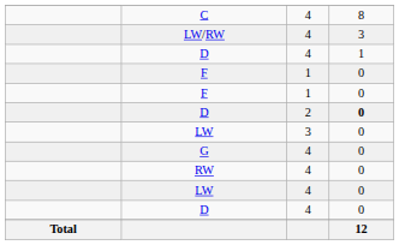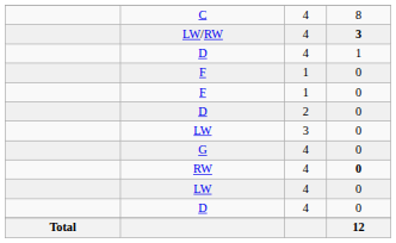 <table class="wikitable sortable" width ="40%">
 <tr align="center">
 </tr>
 <tr align="center" bgcolor="">
 <td></td>
 <td><a href='#'>C</a></td>
 <td>4</td>
 <td>8</td>
 </tr>
 <tr align="center" bgcolor="f0f0f0">
 <td></td>
 <td><a href='#'>LW</a>/<a href='#'>RW</a></td>
 <td>4</td>
-<td>3</td>
+<td><strong>3</strong></td>
 </tr>
 <tr align="center" bgcolor="">
 <td></td>
 <td><a href='#'>D</a></td>
 <td>4</td>
 <td>1</td>
 </tr>
 <tr align="center" bgcolor="f0f0f0">
 <td></td>
 <td><a href='#'>F</a></td>
 <td>1</td>
 <td>0</td>
 </tr>
 <tr align="center" bgcolor="">
 <td></td>
 <td><a href='#'>F</a></td>
 <td>1</td>
 <td>0</td>
 </tr>
 <tr align="center" bgcolor="f0f0f0">
 <td></td>
 <td><a href='#'>D</a></td>
 <td>2</td>
-<td><strong>0</strong></td>
+<td>0</td>
 </tr>
 <tr align="center" bgcolor="">
 <td></td>
 <td><a href='#'>LW</a></td>
 <td>3</td>
 <td>0</td>
 </tr>
 <tr align="center" bgcolor="f0f0f0">
 <td></td>
 <td><a href='#'>G</a></td>
 <td>4</td>
 <td>0</td>
 </tr>
 <tr align="center" bgcolor="">
 <td></td>
 <td><a href='#'>RW</a></td>
 <td>4</td>
-<td>0</td>
+<td><strong>0</strong></td>
 </tr>
 <tr align="center" bgcolor="f0f0f0">
 <td></td>
 <td><a href='#'>LW</a></td>
 <td>4</td>
 <td>0</td>
 </tr>
 <tr align="center" bgcolor="">
 <td></td>
 <td><a href='#'>D</a></td>
 <td>4</td>
 <td>0</td>
 </tr>
 <tr align="center" bgcolor="f0f0f0">
 </tr>
 <tr>
 <th>Total</th>
 <th></th>
 <th></th>
 <th>12</th>
 </tr>
 </table>
